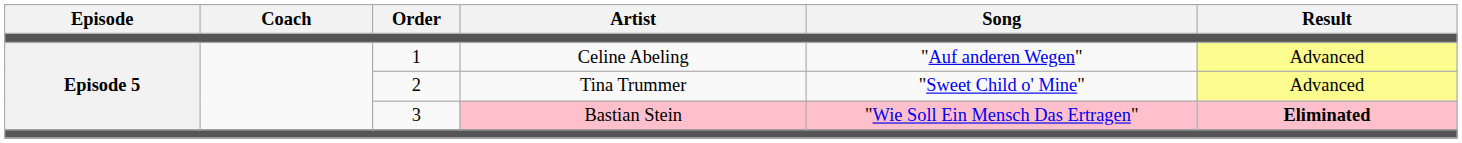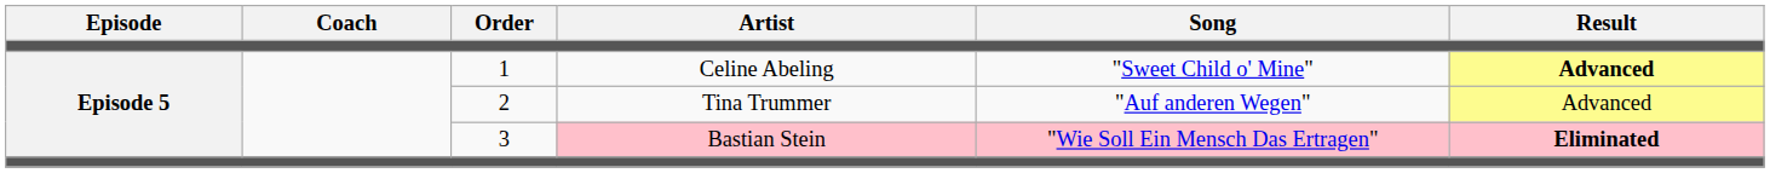 <table class="wikitable" style="text-align: center; width:100%;">
 <tr>
 <th scope="col" style="width:09%;">Episode</th>
 <th style="width:08%;">Coach</th>
 <th style="width:04%;">Order</th>
 <th style="width:16%;">Artist</th>
 <th style="width:18%;">Song</th>
 <th style="width:12%;">Result</th>
 </tr>
 <tr>
 <td colspan="6" style="background:#555;"></td>
 </tr>
 <tr>
 <th rowspan="3">Episode 5<br><small></small></th>
 <td rowspan="3" scope="row"></td>
 <td>1</td>
 <td>Celine Abeling</td>
-<td>"<a href='#'>Auf anderen Wegen</a>"</td>
-<td style="background:#fdfc8f;">Advanced</td>
+<td>"<a href='#'>Sweet Child o' Mine</a>"</td>
+<td style="background:#fdfc8f;"><strong>Advanced</strong></td>
 </tr>
 <tr>
 <td>2</td>
 <td>Tina Trummer</td>
-<td>"<a href='#'>Sweet Child o' Mine</a>"</td>
+<td>"<a href='#'>Auf anderen Wegen</a>"</td>
 <td style="background:#fdfc8f;">Advanced</td>
 </tr>
 <tr>
 <td>3</td>
 <td style="background:pink;">Bastian Stein</td>
 <td style="background:pink;">"<a href='#'>Wie Soll Ein Mensch Das Ertragen</a>"</td>
 <td style="background:pink;"><strong>Eliminated</strong></td>
 </tr>
 <tr>
 <td colspan="6" style="background:#555;"></td>
 </tr>
 <tr>
 </tr>
 </table>
